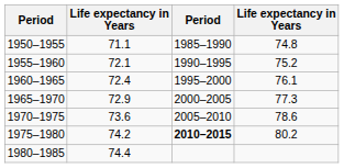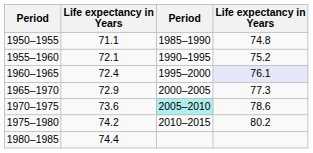 <table class="wikitable" style="text-align: center;">
 <tr>
 <th>Period</th>
 <th>Life expectancy in<br>Years</th>
 <th>Period</th>
 <th>Life expectancy in<br>Years</th>
 </tr>
 <tr>
 <td>1950–1955</td>
 <td>71.1</td>
 <td>1985–1990</td>
 <td>74.8</td>
 </tr>
 <tr>
 <td>1955–1960</td>
 <td>72.1</td>
 <td>1990–1995</td>
 <td>75.2</td>
 </tr>
 <tr>
 <td>1960–1965</td>
 <td>72.4</td>
 <td>1995–2000</td>
-<td>76.1</td>
+<td style="background: lavender;">76.1</td>
 </tr>
 <tr>
 <td>1965–1970</td>
 <td>72.9</td>
 <td>2000–2005</td>
 <td>77.3</td>
 </tr>
 <tr>
 <td>1970–1975</td>
 <td>73.6</td>
-<td>2005–2010</td>
+<td style="background: paleturquoise;">2005–2010</td>
 <td>78.6</td>
 </tr>
 <tr>
 <td>1975–1980</td>
 <td>74.2</td>
-<td><strong>2010–2015</strong></td>
+<td>2010–2015</td>
 <td>80.2</td>
 </tr>
 <tr>
 <td>1980–1985</td>
 <td>74.4</td>
 <td></td>
 <td></td>
 </tr>
 </table>
